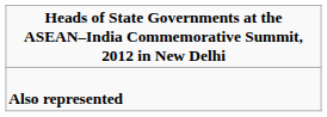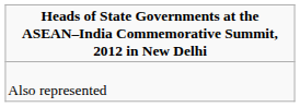 <table class="infobox" border="1" cellpadding="2" style="float: right; margin: 0 0 1em 1em; width: 285px; border-collapse: collapse; font-size: 90%; clear: right">
 <tr>
 <th>Heads of State Governments at the <br> <strong>ASEAN–India Commemorative Summit</strong>, 2012 in New Delhi</th>
 </tr>
 <tr>
-<td><strong><br><div>Also represented</div></strong></td>
+<td><br><div>Also represented</div></td>
 </tr>
 </table>
